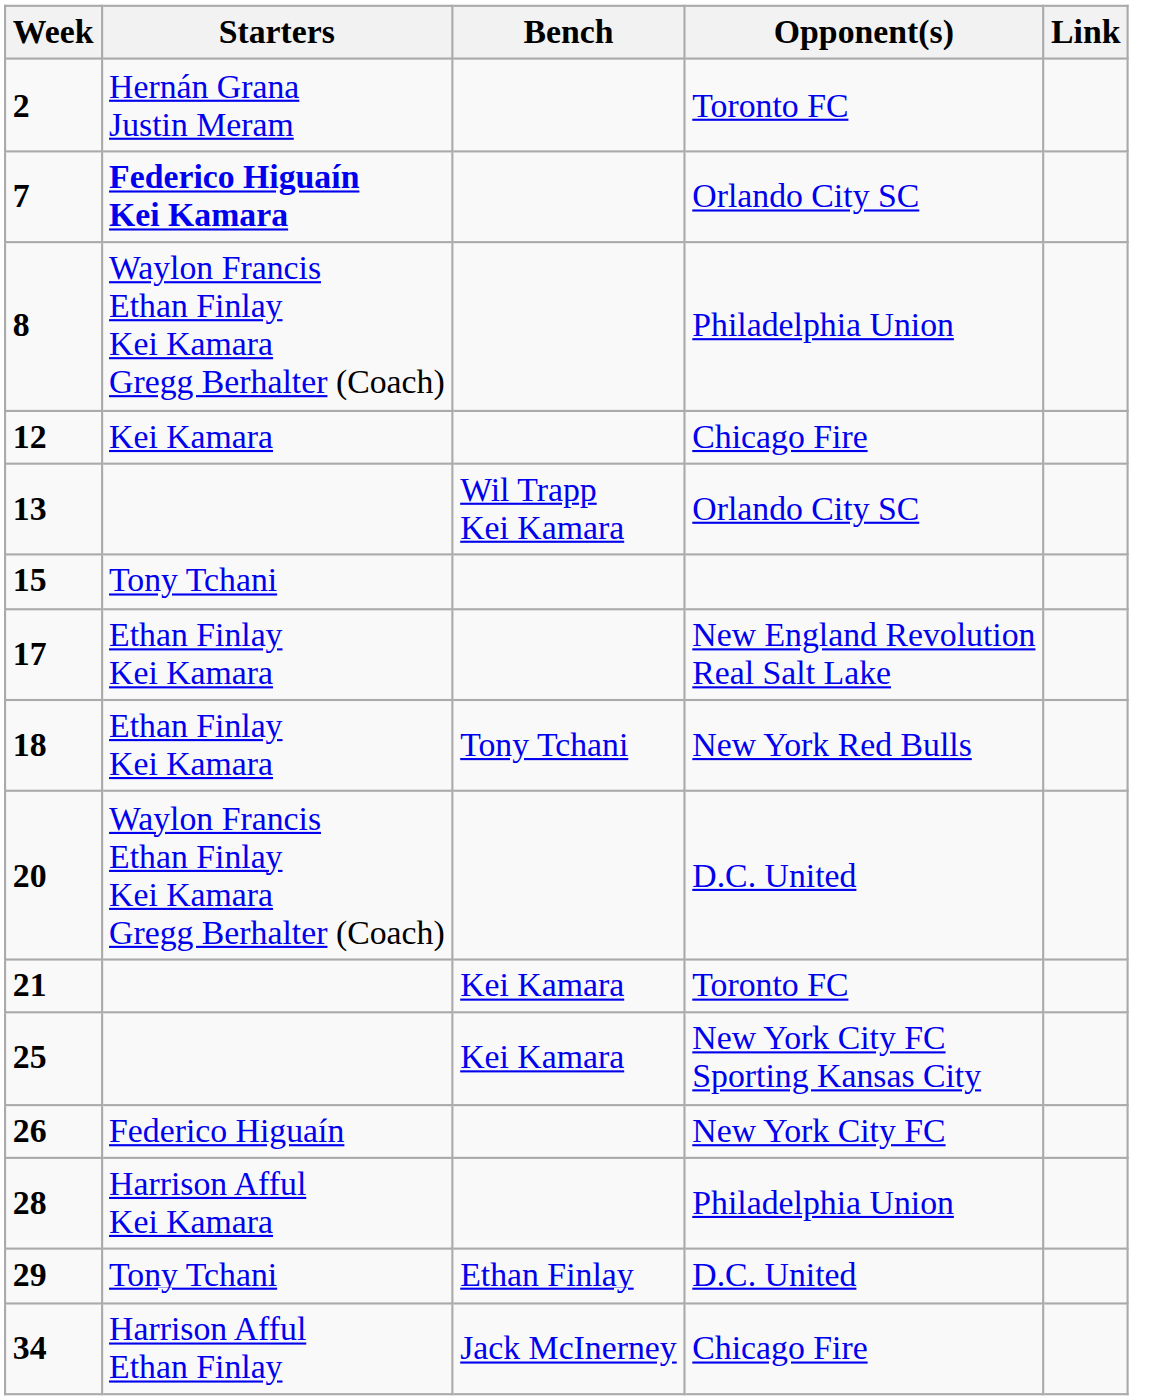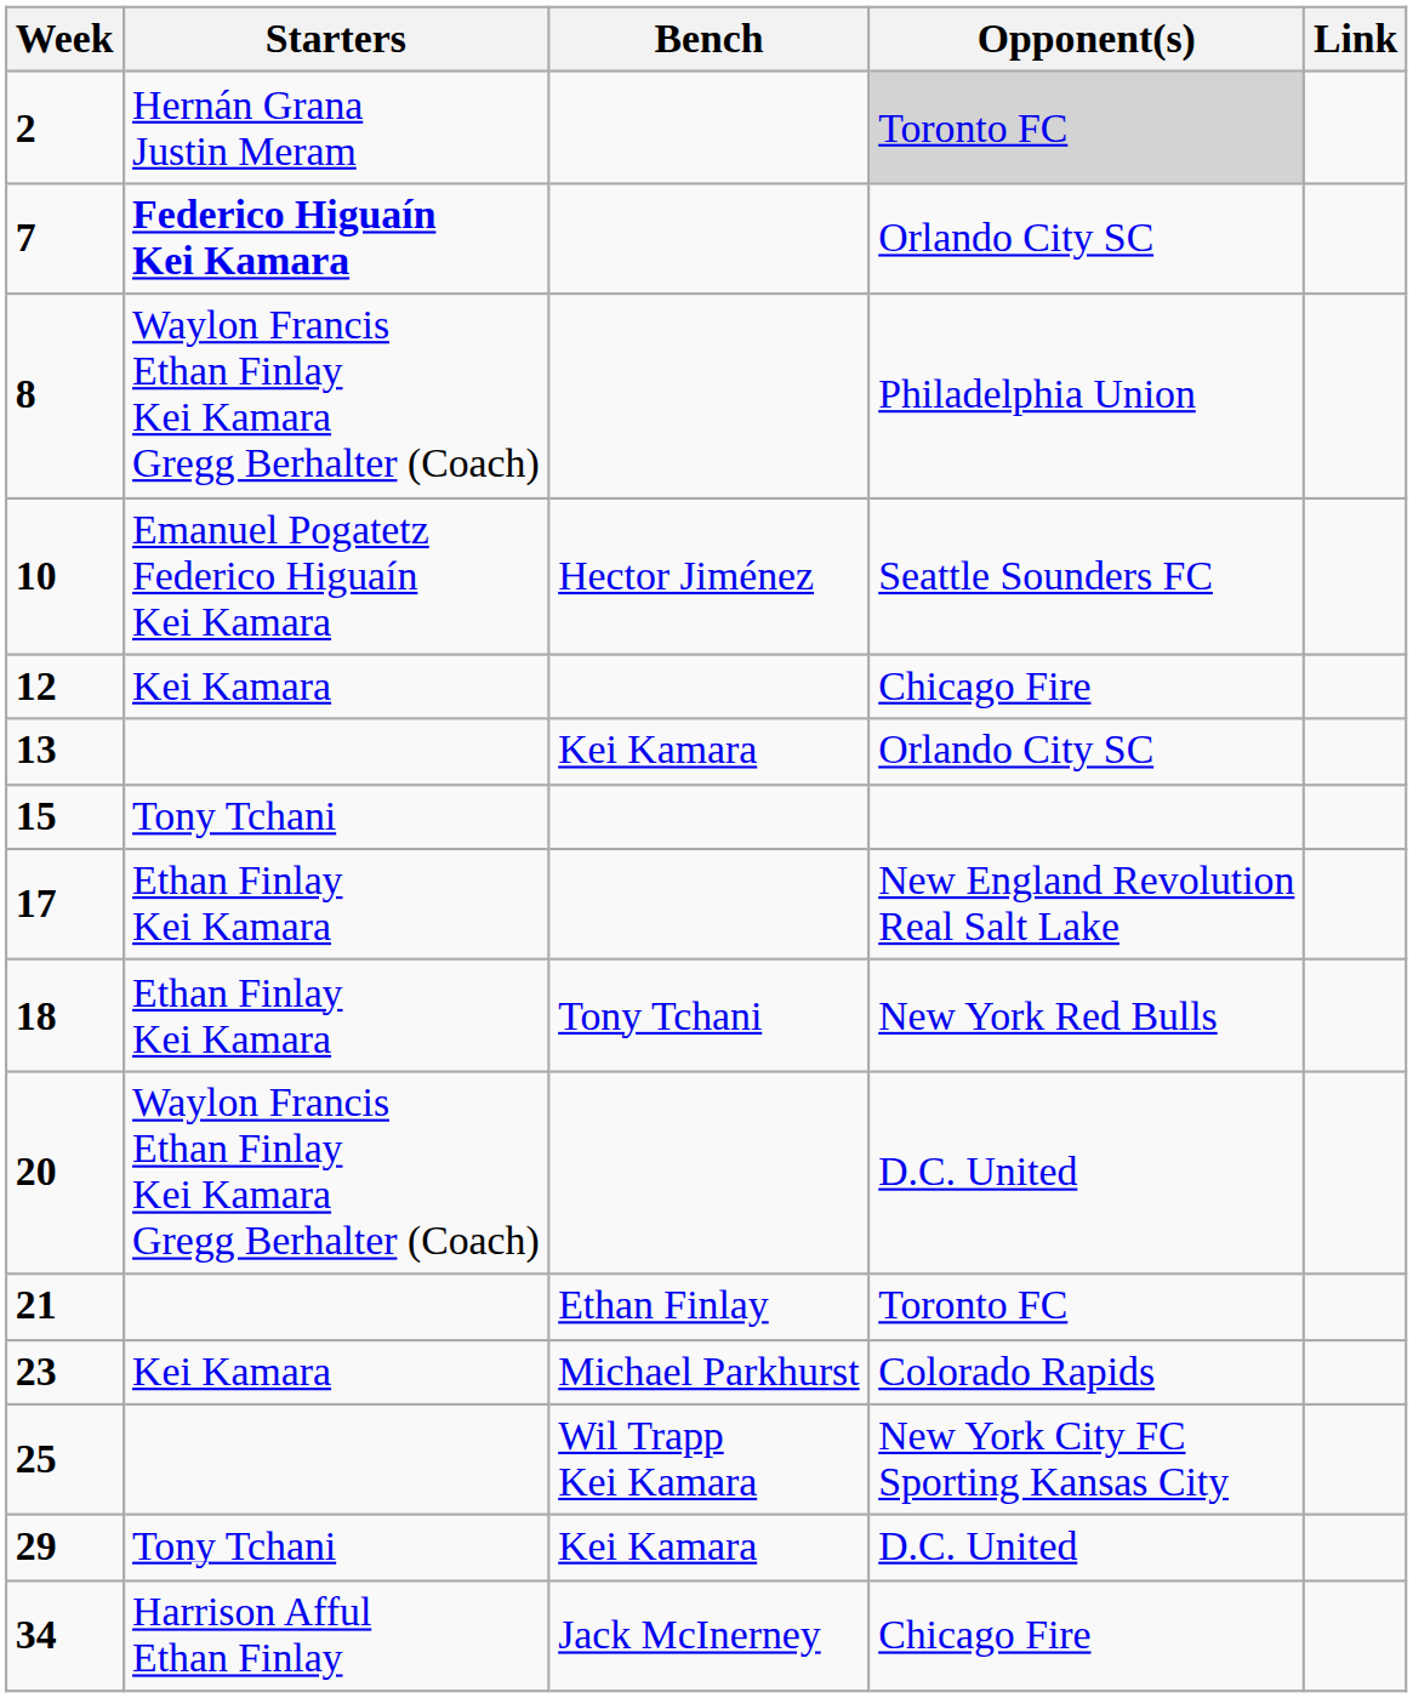 <table class=wikitable style="display:inline-table;">
 <tr>
 <th>Week</th>
 <th>Starters</th>
 <th>Bench</th>
 <th>Opponent(s)</th>
 <th>Link</th>
 </tr>
 <tr>
 <td><strong>2</strong></td>
 <td> <a href='#'>Hernán Grana</a><br> <a href='#'>Justin Meram</a></td>
 <td></td>
-<td> <a href='#'>Toronto FC</a></td>
+<td style="background: lightgrey;"> <a href='#'>Toronto FC</a></td>
 <td></td>
 </tr>
 <tr>
 <td><strong>7</strong></td>
 <td><strong> <a href='#'>Federico Higuaín</a><br> <a href='#'>Kei Kamara</a></strong></td>
 <td></td>
 <td> <a href='#'>Orlando City SC</a></td>
 <td></td>
 </tr>
 <tr>
 <td><strong>8</strong></td>
 <td> <a href='#'>Waylon Francis</a><br> <a href='#'>Ethan Finlay</a><br> <a href='#'>Kei Kamara</a><br> <a href='#'>Gregg Berhalter</a> (Coach)</td>
 <td></td>
 <td> <a href='#'>Philadelphia Union</a></td>
 <td></td>
 </tr>
 <tr>
+<td><strong>10</strong></td>
+<td> <a href='#'>Emanuel Pogatetz</a><br> <a href='#'>Federico Higuaín</a><br> <a href='#'>Kei Kamara</a></td>
+<td> <a href='#'>Hector Jiménez</a></td>
+<td> <a href='#'>Seattle Sounders FC</a></td>
+<td></td>
+</tr>
+<tr>
 <td><strong>12</strong></td>
 <td> <a href='#'>Kei Kamara</a></td>
 <td></td>
 <td> <a href='#'>Chicago Fire</a></td>
 <td></td>
 </tr>
 <tr>
 <td><strong>13</strong></td>
 <td></td>
-<td> <a href='#'>Wil Trapp</a><br> <a href='#'>Kei Kamara</a></td>
+<td> <a href='#'>Kei Kamara</a></td>
 <td> <a href='#'>Orlando City SC</a></td>
 <td></td>
 </tr>
 <tr>
 <td><strong>15</strong></td>
 <td> <a href='#'>Tony Tchani</a></td>
 <td></td>
 <td></td>
 <td></td>
 </tr>
 <tr>
 <td><strong>17</strong></td>
 <td> <a href='#'>Ethan Finlay</a><br> <a href='#'>Kei Kamara</a></td>
 <td></td>
 <td> <a href='#'>New England Revolution</a><br> <a href='#'>Real Salt Lake</a></td>
 <td></td>
 </tr>
 <tr>
 <td><strong>18</strong></td>
 <td> <a href='#'>Ethan Finlay</a><br> <a href='#'>Kei Kamara</a></td>
 <td> <a href='#'>Tony Tchani</a></td>
 <td> <a href='#'>New York Red Bulls</a></td>
 <td></td>
 </tr>
 <tr>
 <td><strong>20</strong></td>
 <td> <a href='#'>Waylon Francis</a><br> <a href='#'>Ethan Finlay</a><br> <a href='#'>Kei Kamara</a><br> <a href='#'>Gregg Berhalter</a> (Coach)</td>
 <td></td>
 <td> <a href='#'>D.C. United</a></td>
 <td></td>
 </tr>
 <tr>
 <td><strong>21</strong></td>
 <td></td>
+<td> <a href='#'>Ethan Finlay</a></td>
+<td> <a href='#'>Toronto FC</a></td>
+<td></td>
+</tr>
+<tr>
+<td><strong>23</strong></td>
 <td> <a href='#'>Kei Kamara</a></td>
-<td> <a href='#'>Toronto FC</a></td>
+<td> <a href='#'>Michael Parkhurst</a></td>
+<td> <a href='#'>Colorado Rapids</a></td>
 <td></td>
 </tr>
 <tr>
 <td><strong>25</strong></td>
 <td></td>
-<td> <a href='#'>Kei Kamara</a></td>
+<td> <a href='#'>Wil Trapp</a><br> <a href='#'>Kei Kamara</a></td>
 <td> <a href='#'>New York City FC</a><br> <a href='#'>Sporting Kansas City</a></td>
-<td></td>
-</tr>
-<tr>
-<td><strong>26</strong></td>
-<td> <a href='#'>Federico Higuaín</a></td>
-<td></td>
-<td> <a href='#'>New York City FC</a></td>
-<td></td>
-</tr>
-<tr>
-<td><strong>28</strong></td>
-<td> <a href='#'>Harrison Afful</a><br> <a href='#'>Kei Kamara</a></td>
-<td></td>
-<td> <a href='#'>Philadelphia Union</a></td>
 <td></td>
 </tr>
 <tr>
 <td><strong>29</strong></td>
 <td> <a href='#'>Tony Tchani</a></td>
-<td> <a href='#'>Ethan Finlay</a></td>
+<td> <a href='#'>Kei Kamara</a></td>
 <td> <a href='#'>D.C. United</a></td>
 <td></td>
 </tr>
 <tr>
 <td><strong>34</strong></td>
 <td> <a href='#'>Harrison Afful</a><br> <a href='#'>Ethan Finlay</a></td>
 <td> <a href='#'>Jack McInerney</a></td>
 <td> <a href='#'>Chicago Fire</a></td>
 <td></td>
 </tr>
 </table>
